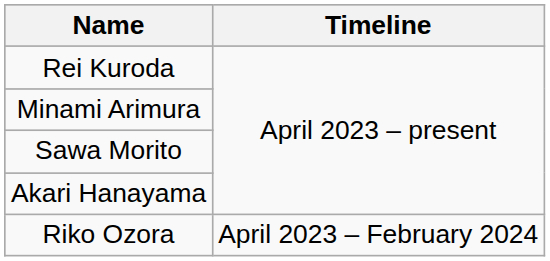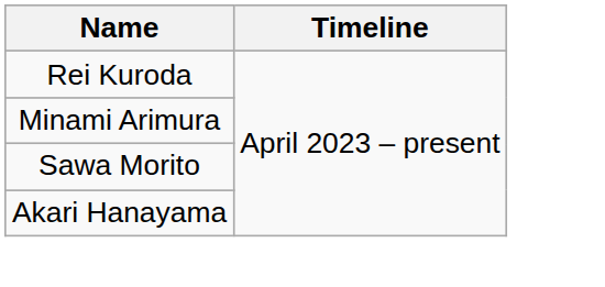 <table class="wikitable" style="text-align: center;">
 <tr>
 <th>Name</th>
 <th>Timeline</th>
 </tr>
 <tr>
 <td>Rei Kuroda</td>
 <td rowspan="4">April 2023 – present</td>
 </tr>
 <tr>
 <td>Minami Arimura</td>
 </tr>
 <tr>
 <td>Sawa Morito</td>
 </tr>
 <tr>
 <td>Akari Hanayama</td>
 </tr>
-<tr>
-<td>Riko Ozora</td>
-<td>April 2023 – February 2024</td>
-</tr>
 </table>
